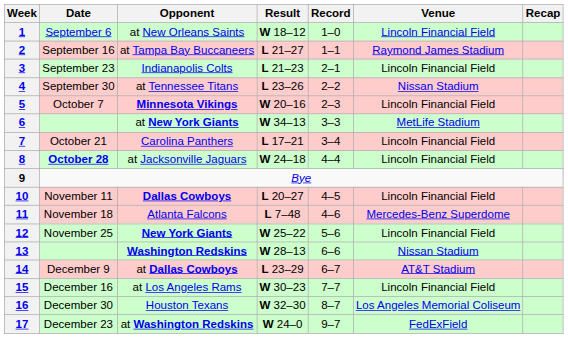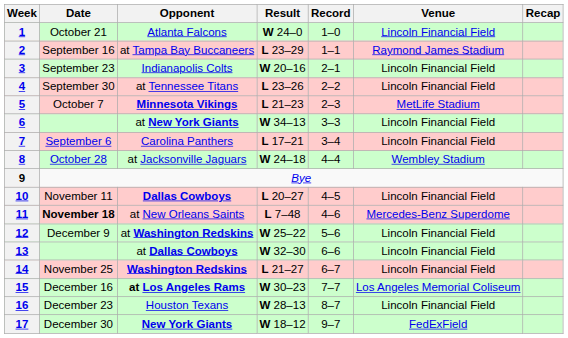 <table class="wikitable" style="text-align:center">
 <tr>
 <th>Week</th>
 <th>Date</th>
 <th>Opponent</th>
 <th>Result</th>
 <th>Record</th>
 <th>Venue</th>
 <th>Recap</th>
 </tr>
 <tr style="background:#cfc">
 <th><a href='#'>1</a></th>
-<td><a href='#'>September 6</a></td>
-<td>at <a href='#'>New Orleans Saints</a></td>
-<td><strong>W</strong> 18–12</td>
+<td>October 21</td>
+<td><a href='#'>Atlanta Falcons</a></td>
+<td><strong>W</strong> 24–0</td>
 <td>1–0</td>
 <td><a href='#'>Lincoln Financial Field</a></td>
 <td></td>
 </tr>
 <tr style="background:#fcc">
 <th><a href='#'>2</a></th>
 <td>September 16</td>
 <td>at <a href='#'>Tampa Bay Buccaneers</a></td>
-<td><strong>L</strong> 21–27</td>
+<td><strong>L</strong> 23–29 </td>
 <td>1–1</td>
 <td><a href='#'>Raymond James Stadium</a></td>
 <td></td>
 </tr>
 <tr style="background:#cfc">
 <th><a href='#'>3</a></th>
 <td>September 23</td>
 <td><a href='#'>Indianapolis Colts</a></td>
-<td><strong>L</strong> 21–23</td>
+<td><strong>W</strong> 20–16</td>
 <td>2–1</td>
 <td>Lincoln Financial Field</td>
 <td></td>
 </tr>
 <tr style="background:#fcc">
 <th><a href='#'>4</a></th>
 <td>September 30</td>
 <td>at <a href='#'>Tennessee Titans</a></td>
 <td><strong>L</strong> 23–26 </td>
 <td>2–2</td>
-<td><a href='#'>Nissan Stadium</a></td>
+<td>Lincoln Financial Field</td>
 <td></td>
 </tr>
 <tr style="background:#fcc">
 <th><a href='#'>5</a></th>
 <td>October 7</td>
 <td><strong><a href='#'>Minnesota Vikings</a></strong></td>
-<td><strong>W</strong> 20–16</td>
+<td><strong>L</strong> 21–23</td>
 <td>2–3</td>
-<td>Lincoln Financial Field</td>
+<td><a href='#'>MetLife Stadium</a></td>
 <td></td>
 </tr>
 <tr style="background:#cfc">
 <th><a href='#'>6</a></th>
 <td></td>
 <td>at <strong><a href='#'>New York Giants</a></strong></td>
 <td><strong>W</strong> 34–13</td>
 <td>3–3</td>
-<td><a href='#'>MetLife Stadium</a></td>
+<td>Lincoln Financial Field</td>
 <td></td>
 </tr>
 <tr style="background:#fcc">
 <th><a href='#'>7</a></th>
-<td>October 21</td>
+<td><a href='#'>September 6</a></td>
 <td><a href='#'>Carolina Panthers</a></td>
 <td><strong>L</strong> 17–21</td>
 <td>3–4</td>
 <td>Lincoln Financial Field</td>
 <td></td>
 </tr>
 <tr style="background:#cfc">
 <th><a href='#'>8</a></th>
-<td><strong><a href='#'>October 28</a></strong></td>
+<td><a href='#'>October 28</a></td>
 <td>at <a href='#'>Jacksonville Jaguars</a></td>
 <td><strong>W</strong> 24–18</td>
 <td>4–4</td>
-<td>Lincoln Financial Field</td>
+<td> <a href='#'>Wembley Stadium</a> </td>
 <td></td>
 </tr>
 <tr>
 <th>9</th>
 <td colspan="6"><em><a href='#'>Bye</a></em></td>
 </tr>
 <tr style="background:#fcc">
 <th><a href='#'>10</a></th>
 <td>November 11</td>
 <td><strong><a href='#'>Dallas Cowboys</a></strong></td>
 <td><strong>L</strong> 20–27</td>
 <td>4–5</td>
 <td>Lincoln Financial Field</td>
 <td></td>
 </tr>
 <tr style="background:#fcc">
 <th><a href='#'>11</a></th>
-<td>November 18</td>
-<td><a href='#'>Atlanta Falcons</a></td>
+<td><strong>November 18</strong></td>
+<td>at <a href='#'>New Orleans Saints</a></td>
 <td><strong>L</strong> 7–48</td>
 <td>4–6</td>
 <td><a href='#'>Mercedes-Benz Superdome</a></td>
 <td></td>
 </tr>
 <tr style="background:#cfc">
 <th><a href='#'>12</a></th>
-<td>November 25</td>
-<td><strong><a href='#'>New York Giants</a></strong></td>
+<td>December 9</td>
+<td>at <strong><a href='#'>Washington Redskins</a></strong></td>
 <td><strong>W</strong> 25–22</td>
 <td>5–6</td>
 <td>Lincoln Financial Field</td>
 <td></td>
 </tr>
 <tr style="background:#cfc">
 <th><a href='#'>13</a></th>
 <td></td>
-<td><strong><a href='#'>Washington Redskins</a></strong></td>
-<td><strong>W</strong> 28–13</td>
+<td>at <strong><a href='#'>Dallas Cowboys</a></strong></td>
+<td><strong>W</strong> 32–30</td>
 <td>6–6</td>
-<td><a href='#'>Nissan Stadium</a></td>
+<td>Lincoln Financial Field</td>
 <td></td>
 </tr>
 <tr style="background:#fcc">
 <th><a href='#'>14</a></th>
-<td>December 9</td>
-<td>at <strong><a href='#'>Dallas Cowboys</a></strong></td>
-<td><strong>L</strong> 23–29 </td>
+<td>November 25</td>
+<td><strong><a href='#'>Washington Redskins</a></strong></td>
+<td><strong>L</strong> 21–27</td>
 <td>6–7</td>
-<td><a href='#'>AT&T Stadium</a></td>
+<td>Lincoln Financial Field</td>
 <td></td>
 </tr>
 <tr style="background:#cfc">
 <th><a href='#'>15</a></th>
 <td>December 16</td>
-<td>at <a href='#'>Los Angeles Rams</a></td>
+<td><strong>at <a href='#'>Los Angeles Rams</a></strong></td>
 <td><strong>W</strong> 30–23</td>
 <td>7–7</td>
+<td><a href='#'>Los Angeles Memorial Coliseum</a></td>
+<td></td>
+</tr>
+<tr style="background:#cfc">
+<th><a href='#'>16</a></th>
+<td>December 23</td>
+<td><a href='#'>Houston Texans</a></td>
+<td><strong>W</strong> 28–13</td>
+<td>8–7</td>
 <td>Lincoln Financial Field</td>
 <td></td>
 </tr>
 <tr style="background:#cfc">
-<th><a href='#'>16</a></th>
+<th><a href='#'>17</a></th>
 <td>December 30</td>
-<td><a href='#'>Houston Texans</a></td>
-<td><strong>W</strong> 32–30</td>
-<td>8–7</td>
-<td><a href='#'>Los Angeles Memorial Coliseum</a></td>
-<td></td>
-</tr>
-<tr style="background:#cfc">
-<th><a href='#'>17</a></th>
-<td>December 23</td>
-<td>at <strong><a href='#'>Washington Redskins</a></strong></td>
-<td><strong>W</strong> 24–0</td>
+<td><strong><a href='#'>New York Giants</a></strong></td>
+<td><strong>W</strong> 18–12</td>
 <td>9–7</td>
 <td><a href='#'>FedExField</a></td>
 <td></td>
 </tr>
 </table>
